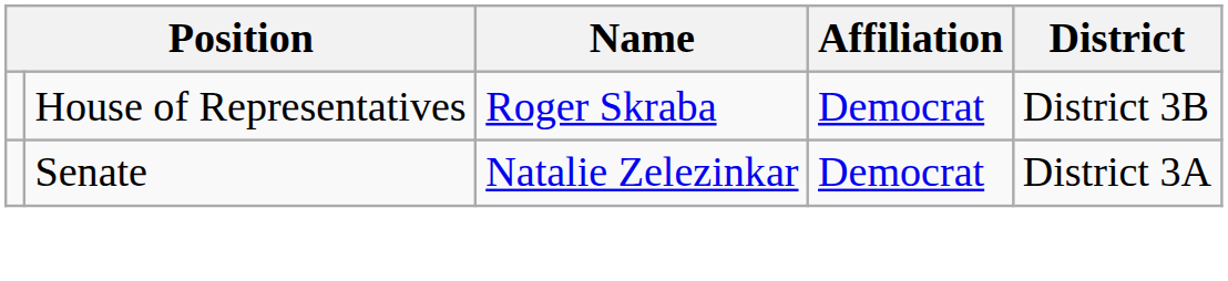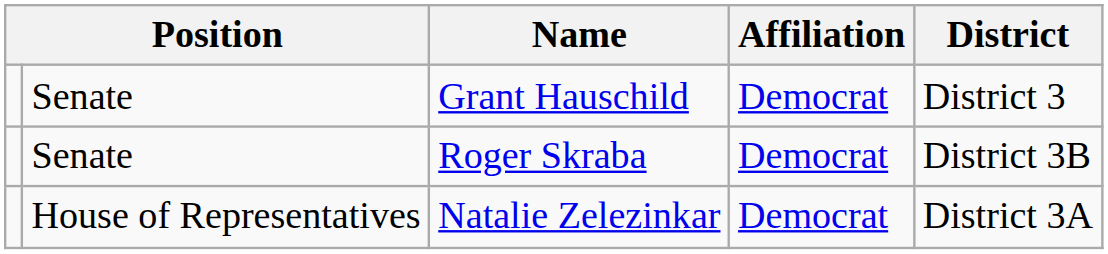 <table class="wikitable">
 <tr>
 <th colspan="2">Position</th>
 <th>Name</th>
 <th>Affiliation</th>
 <th>District</th>
 </tr>
 <tr>
 <td style="background-color:"></td>
-<td>House of Representatives</td>
+<td>Senate</td>
+<td><a href='#'>Grant Hauschild</a></td>
+<td><a href='#'>Democrat</a></td>
+<td>District 3</td>
+</tr>
+<tr>
+<td style="background-color:"></td>
+<td>Senate</td>
 <td><a href='#'>Roger Skraba</a></td>
 <td><a href='#'>Democrat</a></td>
 <td>District 3B</td>
 </tr>
 <tr>
 <td style="background-color:"></td>
-<td>Senate</td>
+<td>House of Representatives</td>
 <td><a href='#'>Natalie Zelezinkar</a></td>
 <td><a href='#'>Democrat</a></td>
 <td>District 3A</td>
 </tr>
 </table>
